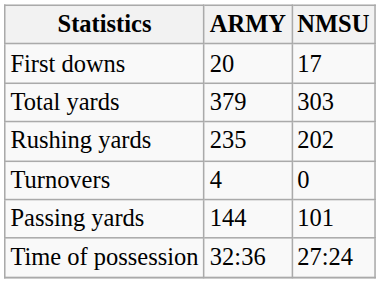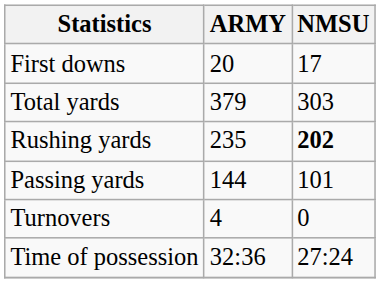 <table class="wikitable" style="float: left;">
 <tr>
 <th>Statistics</th>
 <th>ARMY</th>
 <th>NMSU</th>
 </tr>
 <tr>
 <td>First downs</td>
 <td>20</td>
 <td>17</td>
 </tr>
 <tr>
 <td>Total yards</td>
 <td>379</td>
 <td>303</td>
 </tr>
 <tr>
 <td>Rushing yards</td>
 <td>235</td>
-<td>202</td>
+<td><strong>202</strong></td>
+</tr>
+<tr>
+<td>Passing yards</td>
+<td>144</td>
+<td>101</td>
 </tr>
 <tr>
 <td>Turnovers</td>
 <td>4</td>
 <td>0</td>
-</tr>
-<tr>
-<td>Passing yards</td>
-<td>144</td>
-<td>101</td>
 </tr>
 <tr>
 <td>Time of possession</td>
 <td>32:36</td>
 <td>27:24</td>
 </tr>
 <tr>
 </tr>
 </table>
